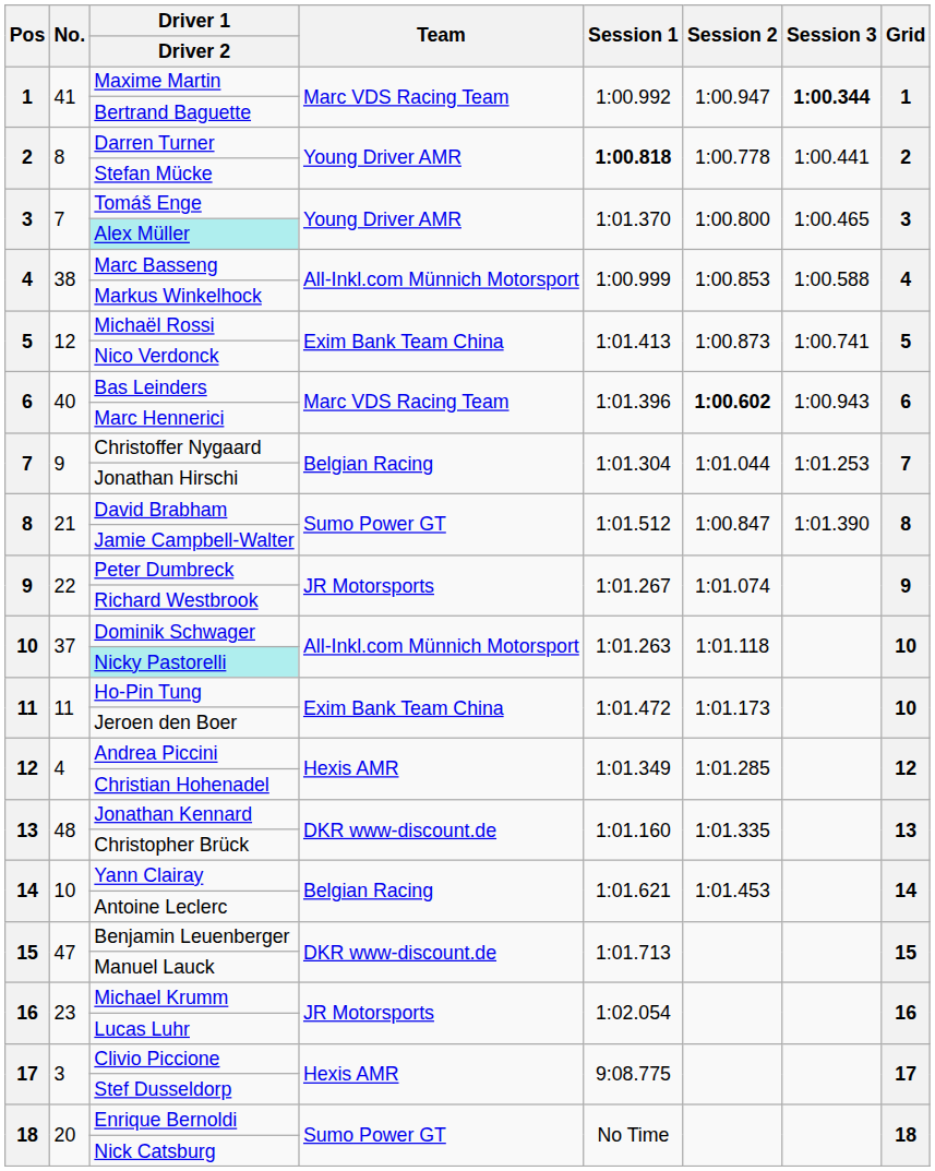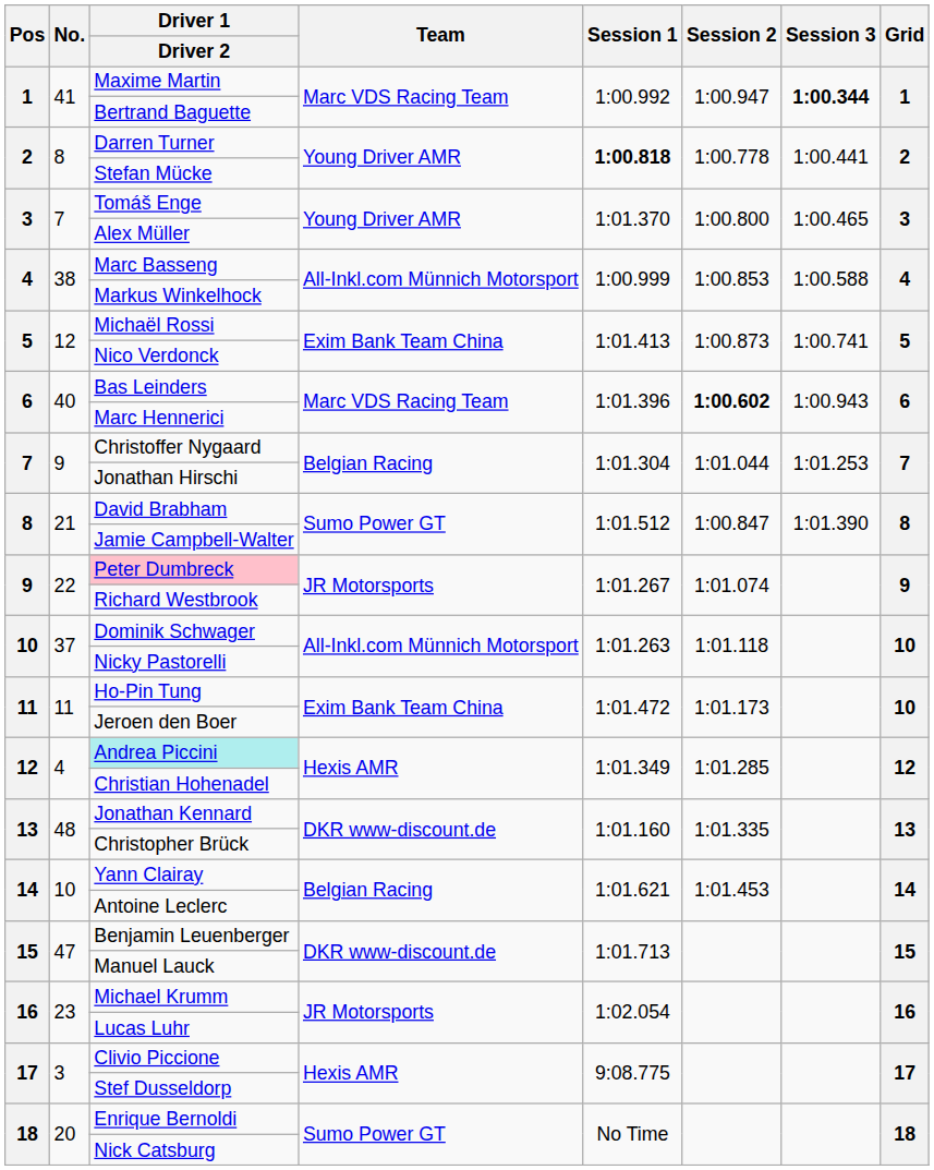 <table class="wikitable" style="font-size: 90%;">
 <tr>
 <th rowspan=2>Pos</th>
 <th rowspan=2>No.</th>
 <th>Driver 1</th>
 <th rowspan=2>Team</th>
 <th rowspan=2>Session 1</th>
 <th rowspan=2>Session 2</th>
 <th rowspan=2>Session 3</th>
 <th rowspan=2>Grid</th>
 </tr>
 <tr>
 <th>Driver 2</th>
 </tr>
 <tr>
 <th rowspan=2>1</th>
 <td rowspan=2>41</td>
 <td> <a href='#'>Maxime Martin</a></td>
 <td rowspan=2> <a href='#'>Marc VDS Racing Team</a></td>
 <td rowspan=2 align="center">1:00.992</td>
 <td rowspan=2 align="center">1:00.947</td>
 <td rowspan=2 align="center"><strong>1:00.344</strong></td>
 <th rowspan=2>1</th>
 </tr>
 <tr>
 <td> <a href='#'>Bertrand Baguette</a></td>
 </tr>
 <tr>
 <th rowspan=2>2</th>
 <td rowspan=2>8</td>
 <td> <a href='#'>Darren Turner</a></td>
 <td rowspan=2> <a href='#'>Young Driver AMR</a></td>
 <td rowspan=2 align="center"><strong>1:00.818</strong></td>
 <td rowspan=2 align="center">1:00.778</td>
 <td rowspan=2 align="center">1:00.441</td>
 <th rowspan=2>2</th>
 </tr>
 <tr>
 <td> <a href='#'>Stefan Mücke</a></td>
 </tr>
 <tr>
 <th rowspan=2>3</th>
 <td rowspan=2>7</td>
 <td> <a href='#'>Tomáš Enge</a></td>
 <td rowspan=2> <a href='#'>Young Driver AMR</a></td>
 <td rowspan=2 align="center">1:01.370</td>
 <td rowspan=2 align="center">1:00.800</td>
 <td rowspan=2 align="center">1:00.465</td>
 <th rowspan=2>3</th>
 </tr>
 <tr>
-<td style="background: paleturquoise;"> <a href='#'>Alex Müller</a></td>
+<td> <a href='#'>Alex Müller</a></td>
 </tr>
 <tr>
 <th rowspan=2>4</th>
 <td rowspan=2>38</td>
 <td> <a href='#'>Marc Basseng</a></td>
 <td rowspan=2> <a href='#'>All-Inkl.com Münnich Motorsport</a></td>
 <td rowspan=2 align="center">1:00.999</td>
 <td rowspan=2 align="center">1:00.853</td>
 <td rowspan=2 align="center">1:00.588</td>
 <th rowspan=2>4</th>
 </tr>
 <tr>
 <td> <a href='#'>Markus Winkelhock</a></td>
 </tr>
 <tr>
 <th rowspan=2>5</th>
 <td rowspan=2>12</td>
 <td> <a href='#'>Michaël Rossi</a></td>
 <td rowspan=2> <a href='#'>Exim Bank Team China</a></td>
 <td rowspan=2 align="center">1:01.413</td>
 <td rowspan=2 align="center">1:00.873</td>
 <td rowspan=2 align="center">1:00.741</td>
 <th rowspan=2>5</th>
 </tr>
 <tr>
 <td> <a href='#'>Nico Verdonck</a></td>
 </tr>
 <tr>
 <th rowspan=2>6</th>
 <td rowspan=2>40</td>
 <td> <a href='#'>Bas Leinders</a></td>
 <td rowspan=2> <a href='#'>Marc VDS Racing Team</a></td>
 <td rowspan=2 align="center">1:01.396</td>
 <td rowspan=2 align="center"><strong>1:00.602</strong></td>
 <td rowspan=2 align="center">1:00.943</td>
 <th rowspan=2>6</th>
 </tr>
 <tr>
 <td> <a href='#'>Marc Hennerici</a></td>
 </tr>
 <tr>
 <th rowspan=2>7</th>
 <td rowspan=2>9</td>
 <td> Christoffer Nygaard</td>
 <td rowspan=2> <a href='#'>Belgian Racing</a></td>
 <td rowspan=2 align="center">1:01.304</td>
 <td rowspan=2 align="center">1:01.044</td>
 <td rowspan=2 align="center">1:01.253</td>
 <th rowspan=2>7</th>
 </tr>
 <tr>
 <td> Jonathan Hirschi</td>
 </tr>
 <tr>
 <th rowspan=2>8</th>
 <td rowspan=2>21</td>
 <td> <a href='#'>David Brabham</a></td>
 <td rowspan=2> <a href='#'>Sumo Power GT</a></td>
 <td rowspan=2 align="center">1:01.512</td>
 <td rowspan=2 align="center">1:00.847</td>
 <td rowspan=2 align="center">1:01.390</td>
 <th rowspan=2>8</th>
 </tr>
 <tr>
 <td> <a href='#'>Jamie Campbell-Walter</a></td>
 </tr>
 <tr>
 <th rowspan=2>9</th>
 <td rowspan=2>22</td>
-<td> <a href='#'>Peter Dumbreck</a></td>
+<td style="background: pink;"> <a href='#'>Peter Dumbreck</a></td>
 <td rowspan=2> <a href='#'>JR Motorsports</a></td>
 <td rowspan=2 align="center">1:01.267</td>
 <td rowspan=2 align="center">1:01.074</td>
 <td rowspan=2 align="center"></td>
 <th rowspan=2>9</th>
 </tr>
 <tr>
 <td> <a href='#'>Richard Westbrook</a></td>
 </tr>
 <tr>
 <th rowspan=2>10</th>
 <td rowspan=2>37</td>
 <td> <a href='#'>Dominik Schwager</a></td>
 <td rowspan=2> <a href='#'>All-Inkl.com Münnich Motorsport</a></td>
 <td rowspan=2 align="center">1:01.263</td>
 <td rowspan=2 align="center">1:01.118</td>
 <td rowspan=2 align="center"></td>
 <th rowspan=2>10</th>
 </tr>
 <tr>
-<td style="background: paleturquoise;"> <a href='#'>Nicky Pastorelli</a></td>
+<td> <a href='#'>Nicky Pastorelli</a></td>
 </tr>
 <tr>
 <th rowspan=2>11</th>
 <td rowspan=2>11</td>
 <td> <a href='#'>Ho-Pin Tung</a></td>
 <td rowspan=2> <a href='#'>Exim Bank Team China</a></td>
 <td rowspan=2 align="center">1:01.472</td>
 <td rowspan=2 align="center">1:01.173</td>
 <td rowspan=2 align="center"></td>
 <th rowspan=2>10</th>
 </tr>
 <tr>
 <td> Jeroen den Boer</td>
 </tr>
 <tr>
 <th rowspan=2>12</th>
 <td rowspan=2>4</td>
-<td> <a href='#'>Andrea Piccini</a></td>
+<td style="background: paleturquoise;"> <a href='#'>Andrea Piccini</a></td>
 <td rowspan=2> <a href='#'>Hexis AMR</a></td>
 <td rowspan=2 align="center">1:01.349</td>
 <td rowspan=2 align="center">1:01.285</td>
 <td rowspan=2 align="center"></td>
 <th rowspan=2>12</th>
 </tr>
 <tr>
 <td> <a href='#'>Christian Hohenadel</a></td>
 </tr>
 <tr>
 <th rowspan=2>13</th>
 <td rowspan=2>48</td>
 <td> <a href='#'>Jonathan Kennard</a></td>
 <td rowspan=2> <a href='#'>DKR www-discount.de</a></td>
 <td rowspan=2 align="center">1:01.160</td>
 <td rowspan=2 align="center">1:01.335</td>
 <td rowspan=2 align="center"></td>
 <th rowspan=2>13</th>
 </tr>
 <tr>
 <td> Christopher Brück</td>
 </tr>
 <tr>
 <th rowspan=2>14</th>
 <td rowspan=2>10</td>
 <td> <a href='#'>Yann Clairay</a></td>
 <td rowspan=2> <a href='#'>Belgian Racing</a></td>
 <td rowspan=2 align="center">1:01.621</td>
 <td rowspan=2 align="center">1:01.453</td>
 <td rowspan=2 align="center"></td>
 <th rowspan=2>14</th>
 </tr>
 <tr>
 <td> Antoine Leclerc</td>
 </tr>
 <tr>
 <th rowspan=2>15</th>
 <td rowspan=2>47</td>
 <td> Benjamin Leuenberger</td>
 <td rowspan=2> <a href='#'>DKR www-discount.de</a></td>
 <td rowspan=2 align="center">1:01.713</td>
 <td rowspan=2 align="center"></td>
 <td rowspan=2 align="center"></td>
 <th rowspan=2>15</th>
 </tr>
 <tr>
 <td> Manuel Lauck</td>
 </tr>
 <tr>
 <th rowspan=2>16</th>
 <td rowspan=2>23</td>
 <td> <a href='#'>Michael Krumm</a></td>
 <td rowspan=2> <a href='#'>JR Motorsports</a></td>
 <td rowspan=2 align="center">1:02.054</td>
 <td rowspan=2 align="center"></td>
 <td rowspan=2 align="center"></td>
 <th rowspan=2>16</th>
 </tr>
 <tr>
 <td> <a href='#'>Lucas Luhr</a></td>
 </tr>
 <tr>
 <th rowspan=2>17</th>
 <td rowspan=2>3</td>
 <td> <a href='#'>Clivio Piccione</a></td>
 <td rowspan=2> <a href='#'>Hexis AMR</a></td>
 <td rowspan=2 align="center">9:08.775</td>
 <td rowspan=2 align="center"></td>
 <td rowspan=2 align="center"></td>
 <th rowspan=2>17</th>
 </tr>
 <tr>
 <td> <a href='#'>Stef Dusseldorp</a></td>
 </tr>
 <tr>
 <th rowspan=2>18</th>
 <td rowspan=2>20</td>
 <td> <a href='#'>Enrique Bernoldi</a></td>
 <td rowspan=2> <a href='#'>Sumo Power GT</a></td>
 <td rowspan=2 align="center">No Time</td>
 <td rowspan=2 align="center"></td>
 <td rowspan=2 align="center"></td>
 <th rowspan=2>18</th>
 </tr>
 <tr>
 <td> <a href='#'>Nick Catsburg</a></td>
 </tr>
 <tr>
 </tr>
 </table>
